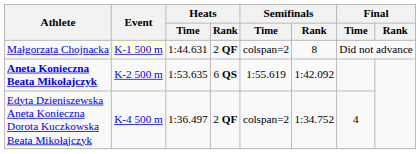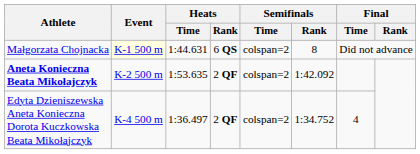 <table class=wikitable style="font-size:90%">
 <tr>
 <th rowspan="2">Athlete</th>
 <th rowspan="2">Event</th>
 <th colspan="2">Heats</th>
 <th colspan="2">Semifinals</th>
 <th colspan="2">Final</th>
 </tr>
 <tr style="font-size:95%">
 <th>Time</th>
 <th>Rank</th>
 <th>Time</th>
 <th>Rank</th>
 <th>Time</th>
 <th>Rank</th>
 </tr>
 <tr align=center>
 <td align=left><a href='#'>Małgorzata Chojnacka</a></td>
 <td align=left style="background: lightyellow;"><a href='#'>K-1 500 m</a></td>
 <td>1:44.631</td>
-<td>2 <strong>QF</strong></td>
+<td>6 <strong>QS</strong></td>
 <td>colspan=2 </td>
 <td>8</td>
 <td colspan=2>Did not advance</td>
 </tr>
 <tr align=center>
 <td align=left><strong><a href='#'>Aneta Konieczna</a><br><a href='#'>Beata Mikołajczyk</a></strong></td>
 <td align=left><a href='#'>K-2 500 m</a></td>
 <td>1:53.635</td>
-<td>6 <strong>QS</strong></td>
-<td>1:55.619</td>
+<td>2 <strong>QF</strong></td>
+<td>colspan=2 </td>
 <td>1:42.092</td>
 <td></td>
 </tr>
 <tr align=center>
 <td align=left><a href='#'>Edyta Dzieniszewska</a><br><a href='#'>Aneta Konieczna</a><br><a href='#'>Dorota Kuczkowska</a><br><a href='#'>Beata Mikołajczyk</a></td>
 <td align=left><a href='#'>K-4 500 m</a></td>
 <td>1:36.497</td>
 <td>2 <strong>QF</strong></td>
 <td>colspan=2 </td>
 <td>1:34.752</td>
 <td>4</td>
 </tr>
 </table>
